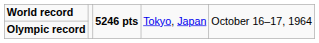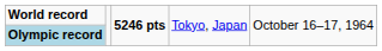 <table class="wikitable">
 <tr>
 <td><strong>World record</strong></td>
 <td rowspan=2></td>
 <td rowspan=2><strong>5246 pts</strong></td>
 <td rowspan=2><a href='#'>Tokyo</a>, <a href='#'>Japan</a></td>
 <td rowspan=2>October 16–17, 1964</td>
 </tr>
 <tr>
-<td><strong>Olympic record</strong></td>
+<td style="background: lightblue;"><strong>Olympic record</strong></td>
 </tr>
 </table>
